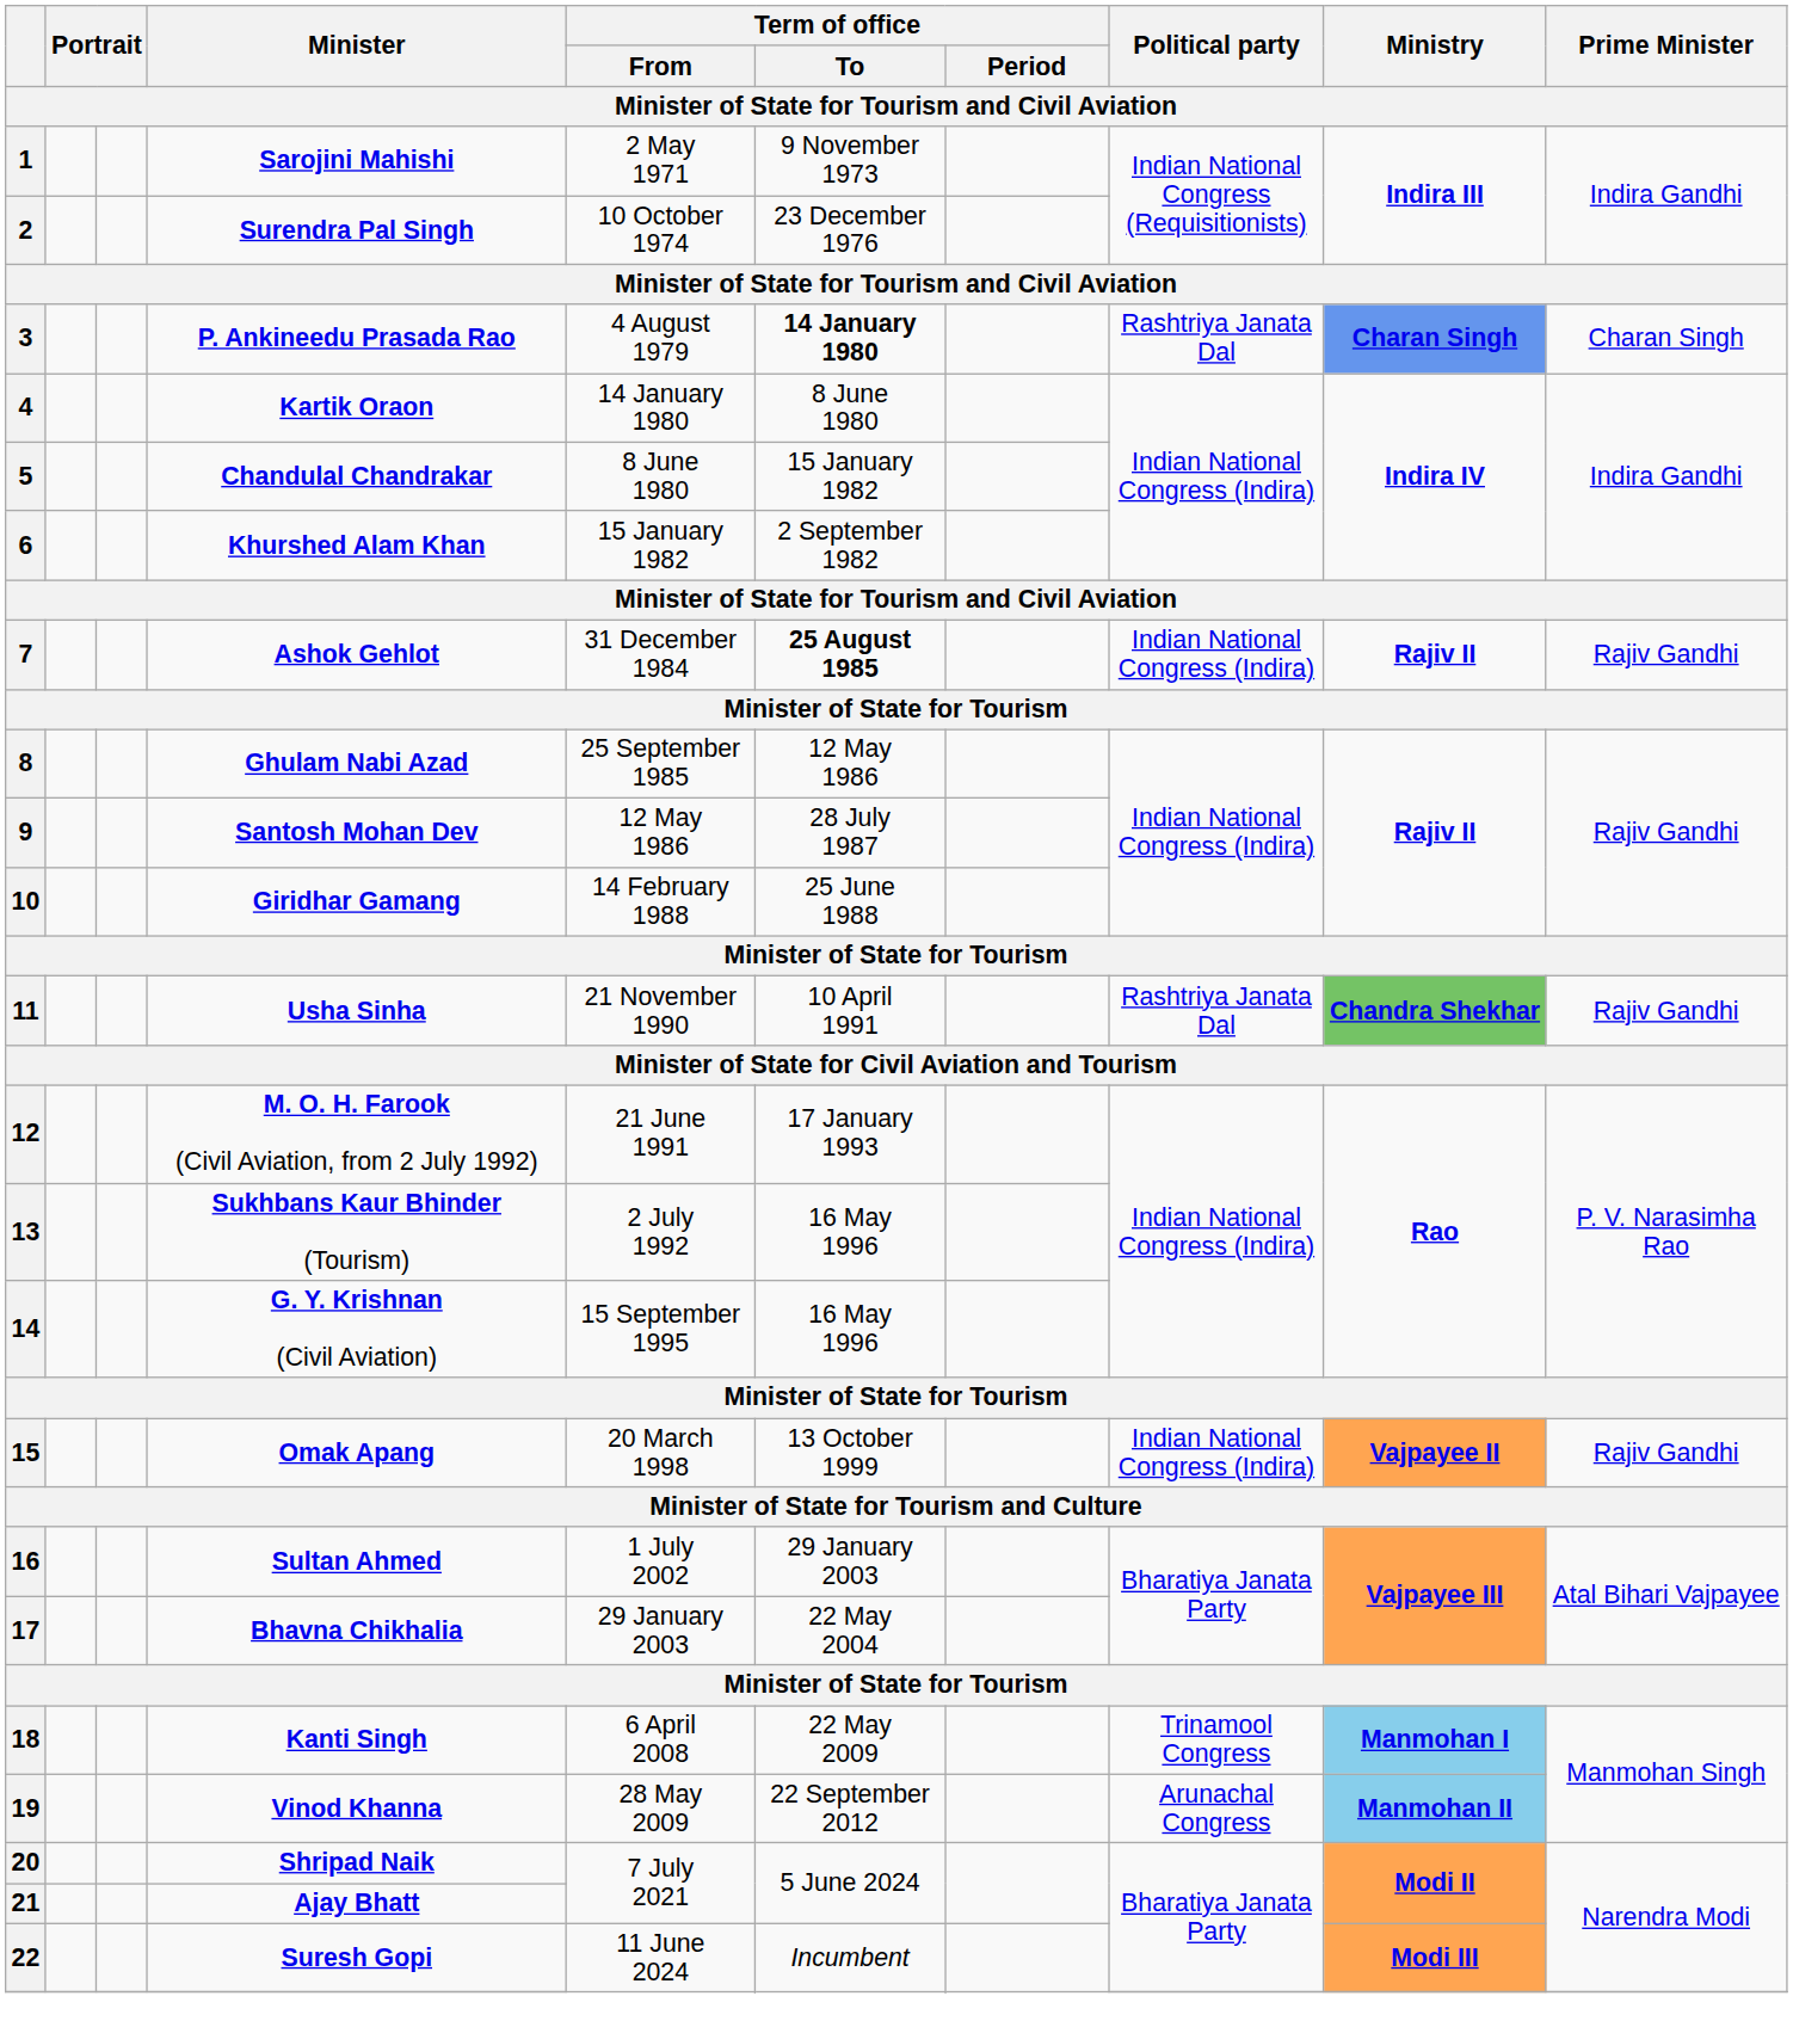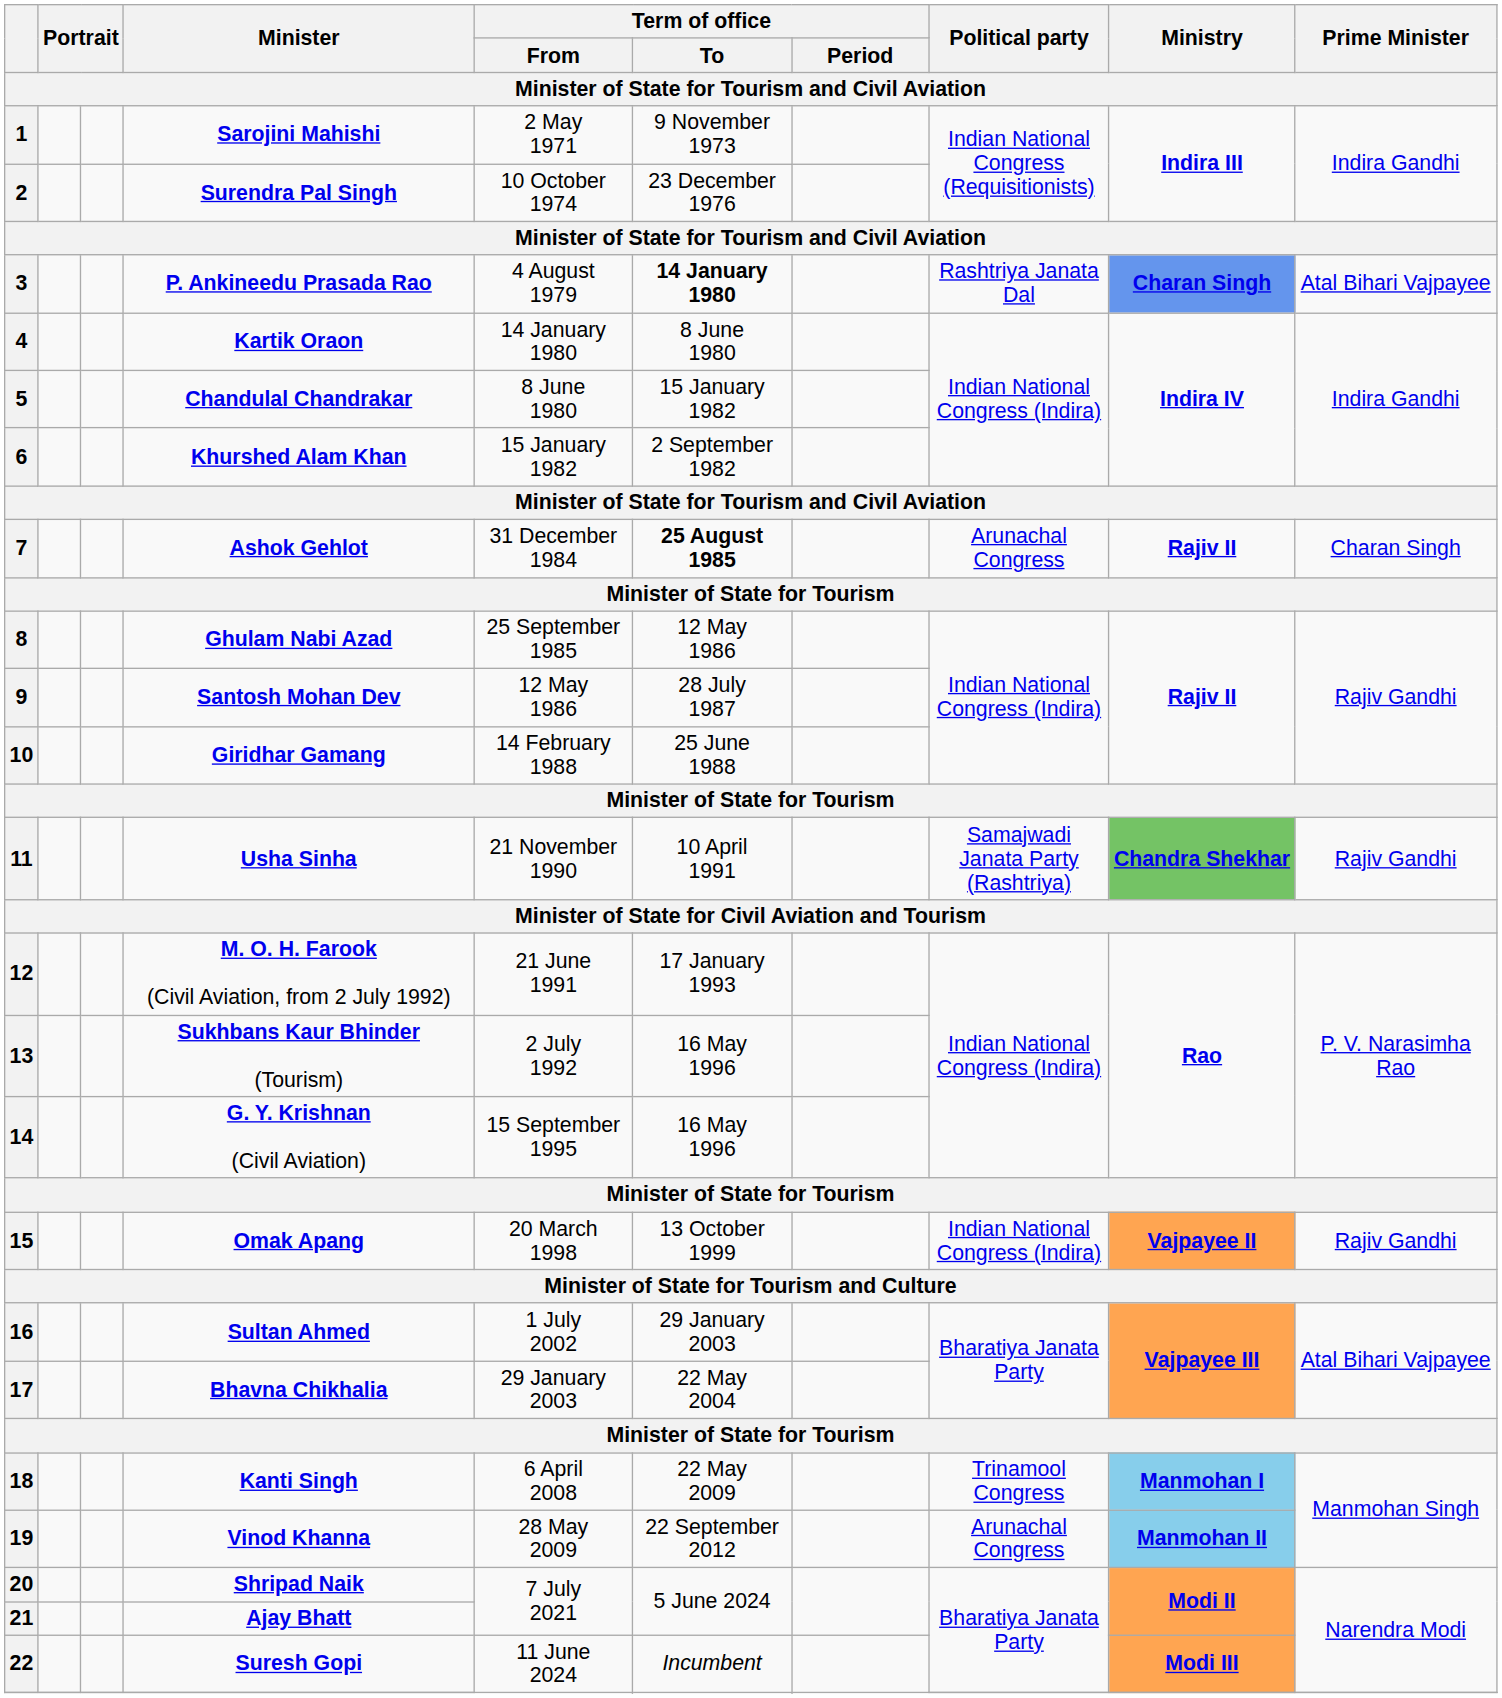 <table class="wikitable" style="text-align:center">
 <tr>
 <th rowspan="2"></th>
 <th rowspan="2" colspan="2">Portrait</th>
 <th rowspan="2" style="width:16em">Minister<br></th>
 <th colspan="3">Term of office</th>
 <th rowspan="2" style="width:8em">Political party</th>
 <th rowspan="2">Ministry</th>
 <th rowspan="2" style="width:9em">Prime Minister</th>
 </tr>
 <tr>
 <th style="width:7em">From</th>
 <th style="width:7em">To</th>
 <th style="width:6em">Period</th>
 </tr>
 <tr>
 <th colspan="10">Minister of State for Tourism and Civil Aviation</th>
 </tr>
 <tr>
 <th>1</th>
 <td></td>
 <td></td>
 <td><strong><a href='#'>Sarojini Mahishi</a></strong><br></td>
 <td>2 May<br>1971</td>
 <td>9 November<br>1973</td>
 <td><strong></strong></td>
 <td rowspan="2"><a href='#'>Indian National Congress (Requisitionists)</a></td>
 <td rowspan="2"><strong><a href='#'>Indira III</a></strong></td>
 <td rowspan="2"><a href='#'>Indira Gandhi</a></td>
 </tr>
 <tr>
 <th>2</th>
 <td></td>
 <td></td>
 <td><strong><a href='#'>Surendra Pal Singh</a></strong><br></td>
 <td>10 October<br>1974</td>
 <td>23 December<br>1976</td>
 <td><strong></strong></td>
 </tr>
 <tr>
 <th colspan="10">Minister of State for Tourism and Civil Aviation</th>
 </tr>
 <tr>
 <th>3</th>
 <td></td>
 <td></td>
 <td><strong><a href='#'>P. Ankineedu Prasada Rao</a></strong><br></td>
 <td>4 August<br>1979</td>
 <td><strong>14 January<br>1980</strong></td>
 <td><strong></strong></td>
 <td><a href='#'>Rashtriya Janata Dal</a></td>
 <td bgcolor="#6495ED"><strong><a href='#'>Charan Singh</a></strong></td>
-<td><a href='#'>Charan Singh</a></td>
+<td><a href='#'>Atal Bihari Vajpayee</a></td>
 </tr>
 <tr>
 <th>4</th>
 <td></td>
 <td></td>
 <td><strong><a href='#'>Kartik Oraon</a></strong><br></td>
 <td>14 January<br>1980</td>
 <td>8 June<br>1980</td>
 <td><strong></strong></td>
 <td rowspan="3"><a href='#'>Indian National Congress (Indira)</a></td>
 <td rowspan="3"><strong><a href='#'>Indira IV</a></strong></td>
 <td rowspan="3"><a href='#'>Indira Gandhi</a></td>
 </tr>
 <tr>
 <th>5</th>
 <td></td>
 <td></td>
 <td><strong><a href='#'>Chandulal Chandrakar</a></strong><br></td>
 <td>8 June<br>1980</td>
 <td>15 January<br>1982</td>
 <td><strong></strong></td>
 </tr>
 <tr>
 <th>6</th>
 <td></td>
 <td></td>
 <td><strong><a href='#'>Khurshed Alam Khan</a></strong><br></td>
 <td>15 January<br>1982</td>
 <td>2 September<br>1982</td>
 <td><strong></strong></td>
 </tr>
 <tr>
 <th colspan="10">Minister of State for Tourism and Civil Aviation</th>
 </tr>
 <tr>
 <th>7</th>
 <td></td>
 <td></td>
 <td><strong><a href='#'>Ashok Gehlot</a></strong><br></td>
 <td>31 December<br>1984</td>
 <td><strong>25 August<br>1985</strong></td>
 <td><strong></strong></td>
-<td><a href='#'>Indian National Congress (Indira)</a></td>
+<td><a href='#'>Arunachal Congress</a></td>
 <td><strong><a href='#'>Rajiv II</a></strong></td>
-<td><a href='#'>Rajiv Gandhi</a></td>
+<td><a href='#'>Charan Singh</a></td>
 </tr>
 <tr>
 <th colspan="10">Minister of State for Tourism</th>
 </tr>
 <tr>
 <th>8</th>
 <td></td>
 <td></td>
 <td><strong><a href='#'>Ghulam Nabi Azad</a></strong><br></td>
 <td>25 September<br>1985</td>
 <td>12 May<br>1986</td>
 <td><strong></strong></td>
 <td rowspan="3"><a href='#'>Indian National Congress (Indira)</a></td>
 <td rowspan="3"><strong><a href='#'>Rajiv II</a></strong></td>
 <td rowspan="3"><a href='#'>Rajiv Gandhi</a></td>
 </tr>
 <tr>
 <th>9</th>
 <td></td>
 <td></td>
 <td><strong><a href='#'>Santosh Mohan Dev</a></strong><br></td>
 <td>12 May<br>1986</td>
 <td>28 July<br>1987</td>
 <td><strong></strong></td>
 </tr>
 <tr>
 <th>10</th>
 <td></td>
 <td></td>
 <td><strong><a href='#'>Giridhar Gamang</a></strong><br></td>
 <td>14 February<br>1988</td>
 <td>25 June<br>1988</td>
 <td><strong></strong></td>
 </tr>
 <tr>
 <th colspan="10">Minister of State for Tourism</th>
 </tr>
 <tr>
 <th>11</th>
 <td></td>
 <td></td>
 <td><strong><a href='#'>Usha Sinha</a></strong><br></td>
 <td>21 November<br>1990</td>
 <td>10 April<br>1991</td>
 <td><strong></strong></td>
-<td><a href='#'>Rashtriya Janata Dal</a></td>
+<td><a href='#'>Samajwadi Janata Party (Rashtriya)</a></td>
 <td style="background:#74C365"><strong><a href='#'>Chandra Shekhar</a></strong></td>
 <td><a href='#'>Rajiv Gandhi</a></td>
 </tr>
 <tr>
 <th colspan="10">Minister of State for Civil Aviation and Tourism</th>
 </tr>
 <tr>
 <th>12</th>
 <td></td>
 <td></td>
 <td><strong><a href='#'>M. O. H. Farook</a></strong><br><br>(Civil Aviation, from 2 July 1992)</td>
 <td>21 June<br>1991</td>
 <td>17 January<br>1993</td>
 <td><strong></strong></td>
 <td rowspan="3"><a href='#'>Indian National Congress (Indira)</a></td>
 <td rowspan="3"><a href='#'><strong>Rao</strong></a></td>
 <td rowspan="3"><a href='#'>P. V. Narasimha Rao</a></td>
 </tr>
 <tr>
 <th>13</th>
 <td></td>
 <td></td>
 <td><strong><a href='#'>Sukhbans Kaur Bhinder</a></strong><br><br>(Tourism)</td>
 <td>2 July<br>1992</td>
 <td>16 May<br>1996</td>
 <td><strong></strong></td>
 </tr>
 <tr>
 <th>14</th>
 <td></td>
 <td></td>
 <td><strong><a href='#'>G. Y. Krishnan</a></strong><br><br>(Civil Aviation)</td>
 <td>15 September<br>1995</td>
 <td>16 May<br>1996</td>
 <td><strong></strong></td>
 </tr>
 <tr>
 <th colspan="10">Minister of State for Tourism</th>
 </tr>
 <tr>
 <th>15</th>
 <td></td>
 <td></td>
 <td><strong><a href='#'>Omak Apang</a></strong><br></td>
 <td>20 March<br>1998</td>
 <td>13 October<br>1999</td>
 <td><strong></strong></td>
 <td><a href='#'>Indian National Congress (Indira)</a></td>
 <td style="background:#FFA551;"><strong><a href='#'>Vajpayee II</a></strong></td>
 <td><a href='#'>Rajiv Gandhi</a></td>
 </tr>
 <tr>
 <th colspan="10">Minister of State for Tourism and Culture</th>
 </tr>
 <tr>
 <th>16</th>
 <td></td>
 <td></td>
 <td><strong><a href='#'>Sultan Ahmed</a></strong><br></td>
 <td>1 July<br>2002</td>
 <td>29 January<br>2003</td>
 <td><strong></strong></td>
 <td rowspan="2"><a href='#'>Bharatiya Janata Party</a></td>
 <td rowspan="2" style="background:#FFA551;"><strong><a href='#'>Vajpayee III</a></strong></td>
 <td rowspan="2"><a href='#'>Atal Bihari Vajpayee</a></td>
 </tr>
 <tr>
 <th>17</th>
 <td></td>
 <td></td>
 <td><strong><a href='#'>Bhavna Chikhalia</a></strong><br></td>
 <td>29 January<br>2003</td>
 <td>22 May<br>2004</td>
 <td><strong></strong></td>
 </tr>
 <tr>
 <th colspan="10">Minister of State for Tourism</th>
 </tr>
 <tr>
 <th>18</th>
 <td style="background:"></td>
 <td></td>
 <td><strong><a href='#'>Kanti Singh</a></strong><br></td>
 <td>6 April<br>2008</td>
 <td>22 May<br>2009</td>
 <td><strong></strong></td>
 <td><a href='#'>Trinamool Congress</a></td>
 <td bgcolor="#87CEEB"><a href='#'><strong>Manmohan I</strong></a></td>
 <td rowspan="2"><a href='#'>Manmohan Singh</a></td>
 </tr>
 <tr>
 <th>19</th>
 <td></td>
 <td></td>
 <td><strong><a href='#'>Vinod Khanna</a></strong><br></td>
 <td>28 May<br>2009</td>
 <td>22 September<br>2012</td>
 <td><strong></strong></td>
 <td><a href='#'>Arunachal Congress</a></td>
 <td bgcolor="#87CEEB"><a href='#'><strong>Manmohan II</strong></a></td>
 </tr>
 <tr>
 <th>20</th>
 <td></td>
 <td></td>
 <td><strong><a href='#'>Shripad Naik</a></strong><br></td>
 <td rowspan="2">7 July<br>2021</td>
 <td rowspan="2">5 June 2024</td>
 <td rowspan="2"><strong></strong></td>
 <td rowspan="3"><a href='#'>Bharatiya Janata Party</a></td>
 <td rowspan="2" style="background:#FFA551;"><strong><a href='#'>Modi II</a></strong></td>
 <td rowspan="3"><a href='#'>Narendra Modi</a></td>
 </tr>
 <tr>
 <th>21</th>
 <td></td>
 <td></td>
 <td><strong><a href='#'>Ajay Bhatt</a></strong><br></td>
 </tr>
 <tr>
 <th>22</th>
 <td></td>
 <td></td>
 <td><strong><a href='#'>Suresh Gopi</a></strong><br></td>
 <td rowspan="2">11 June<br>2024</td>
 <td rowspan="2"><em>Incumbent</em></td>
 <td rowspan="2"><strong></strong></td>
 <td style="background:#FFA551;"><strong><a href='#'>Modi III</a></strong></td>
 </tr>
 <tr>
 </tr>
 </table>
